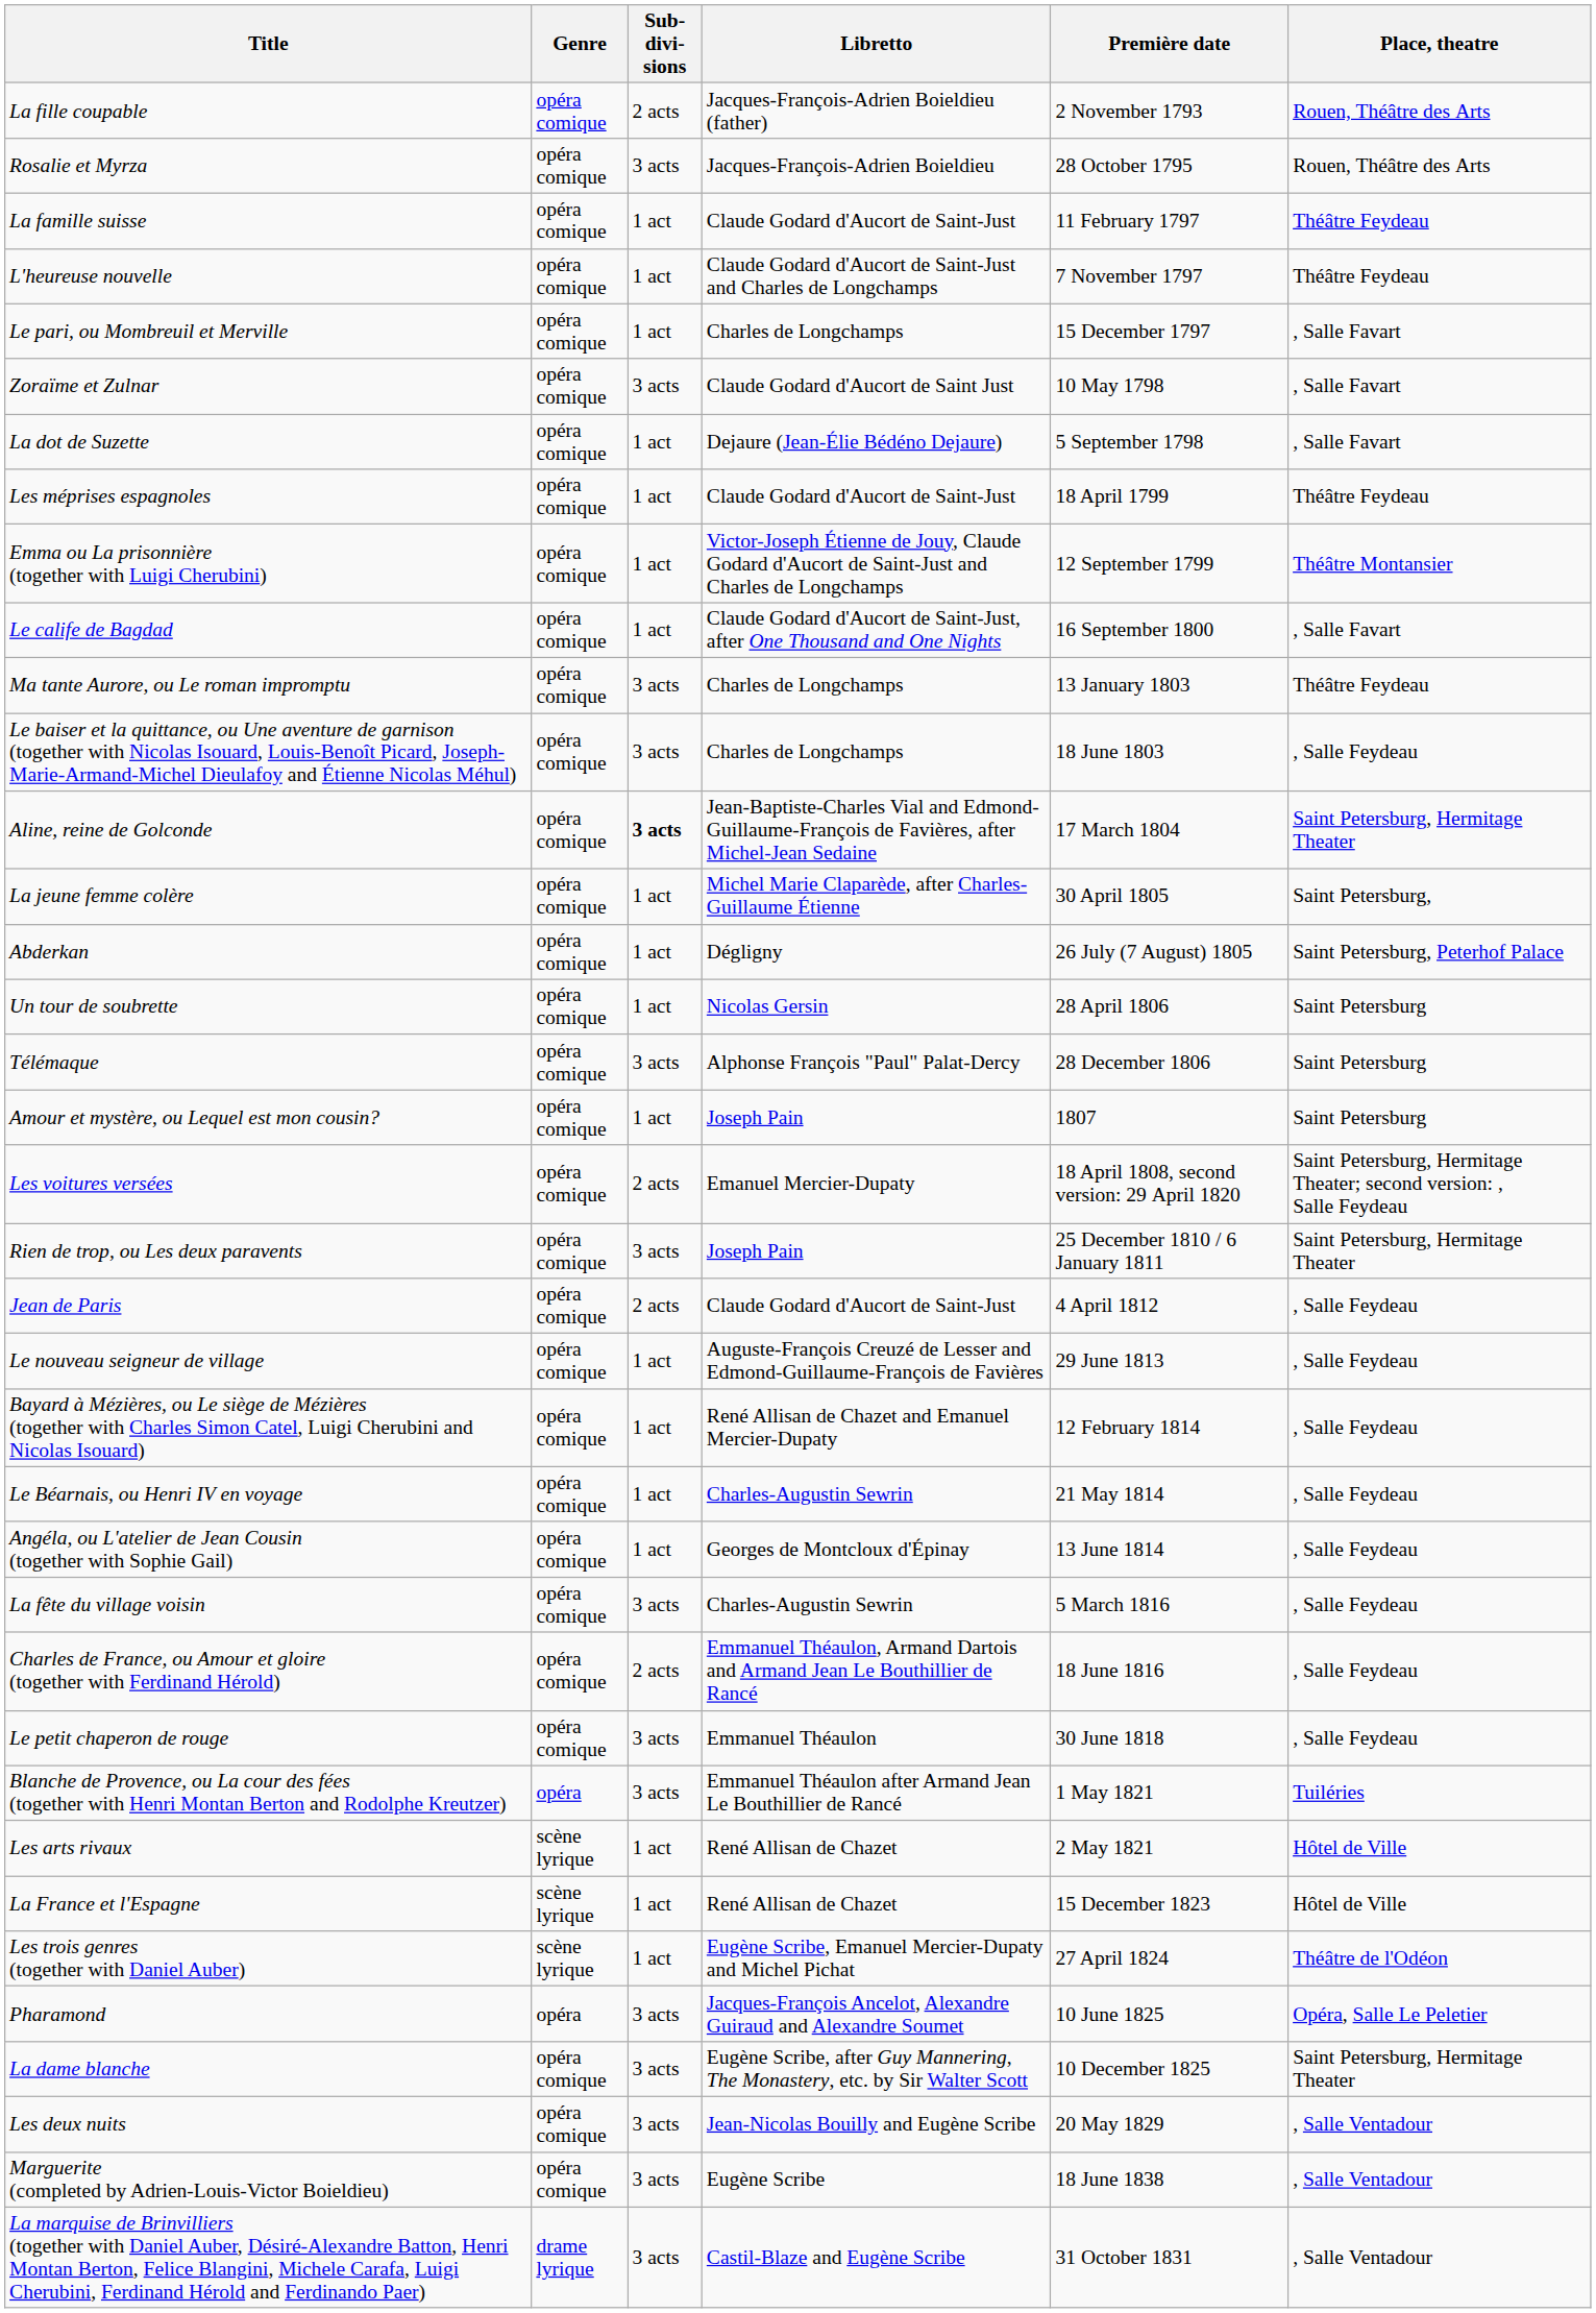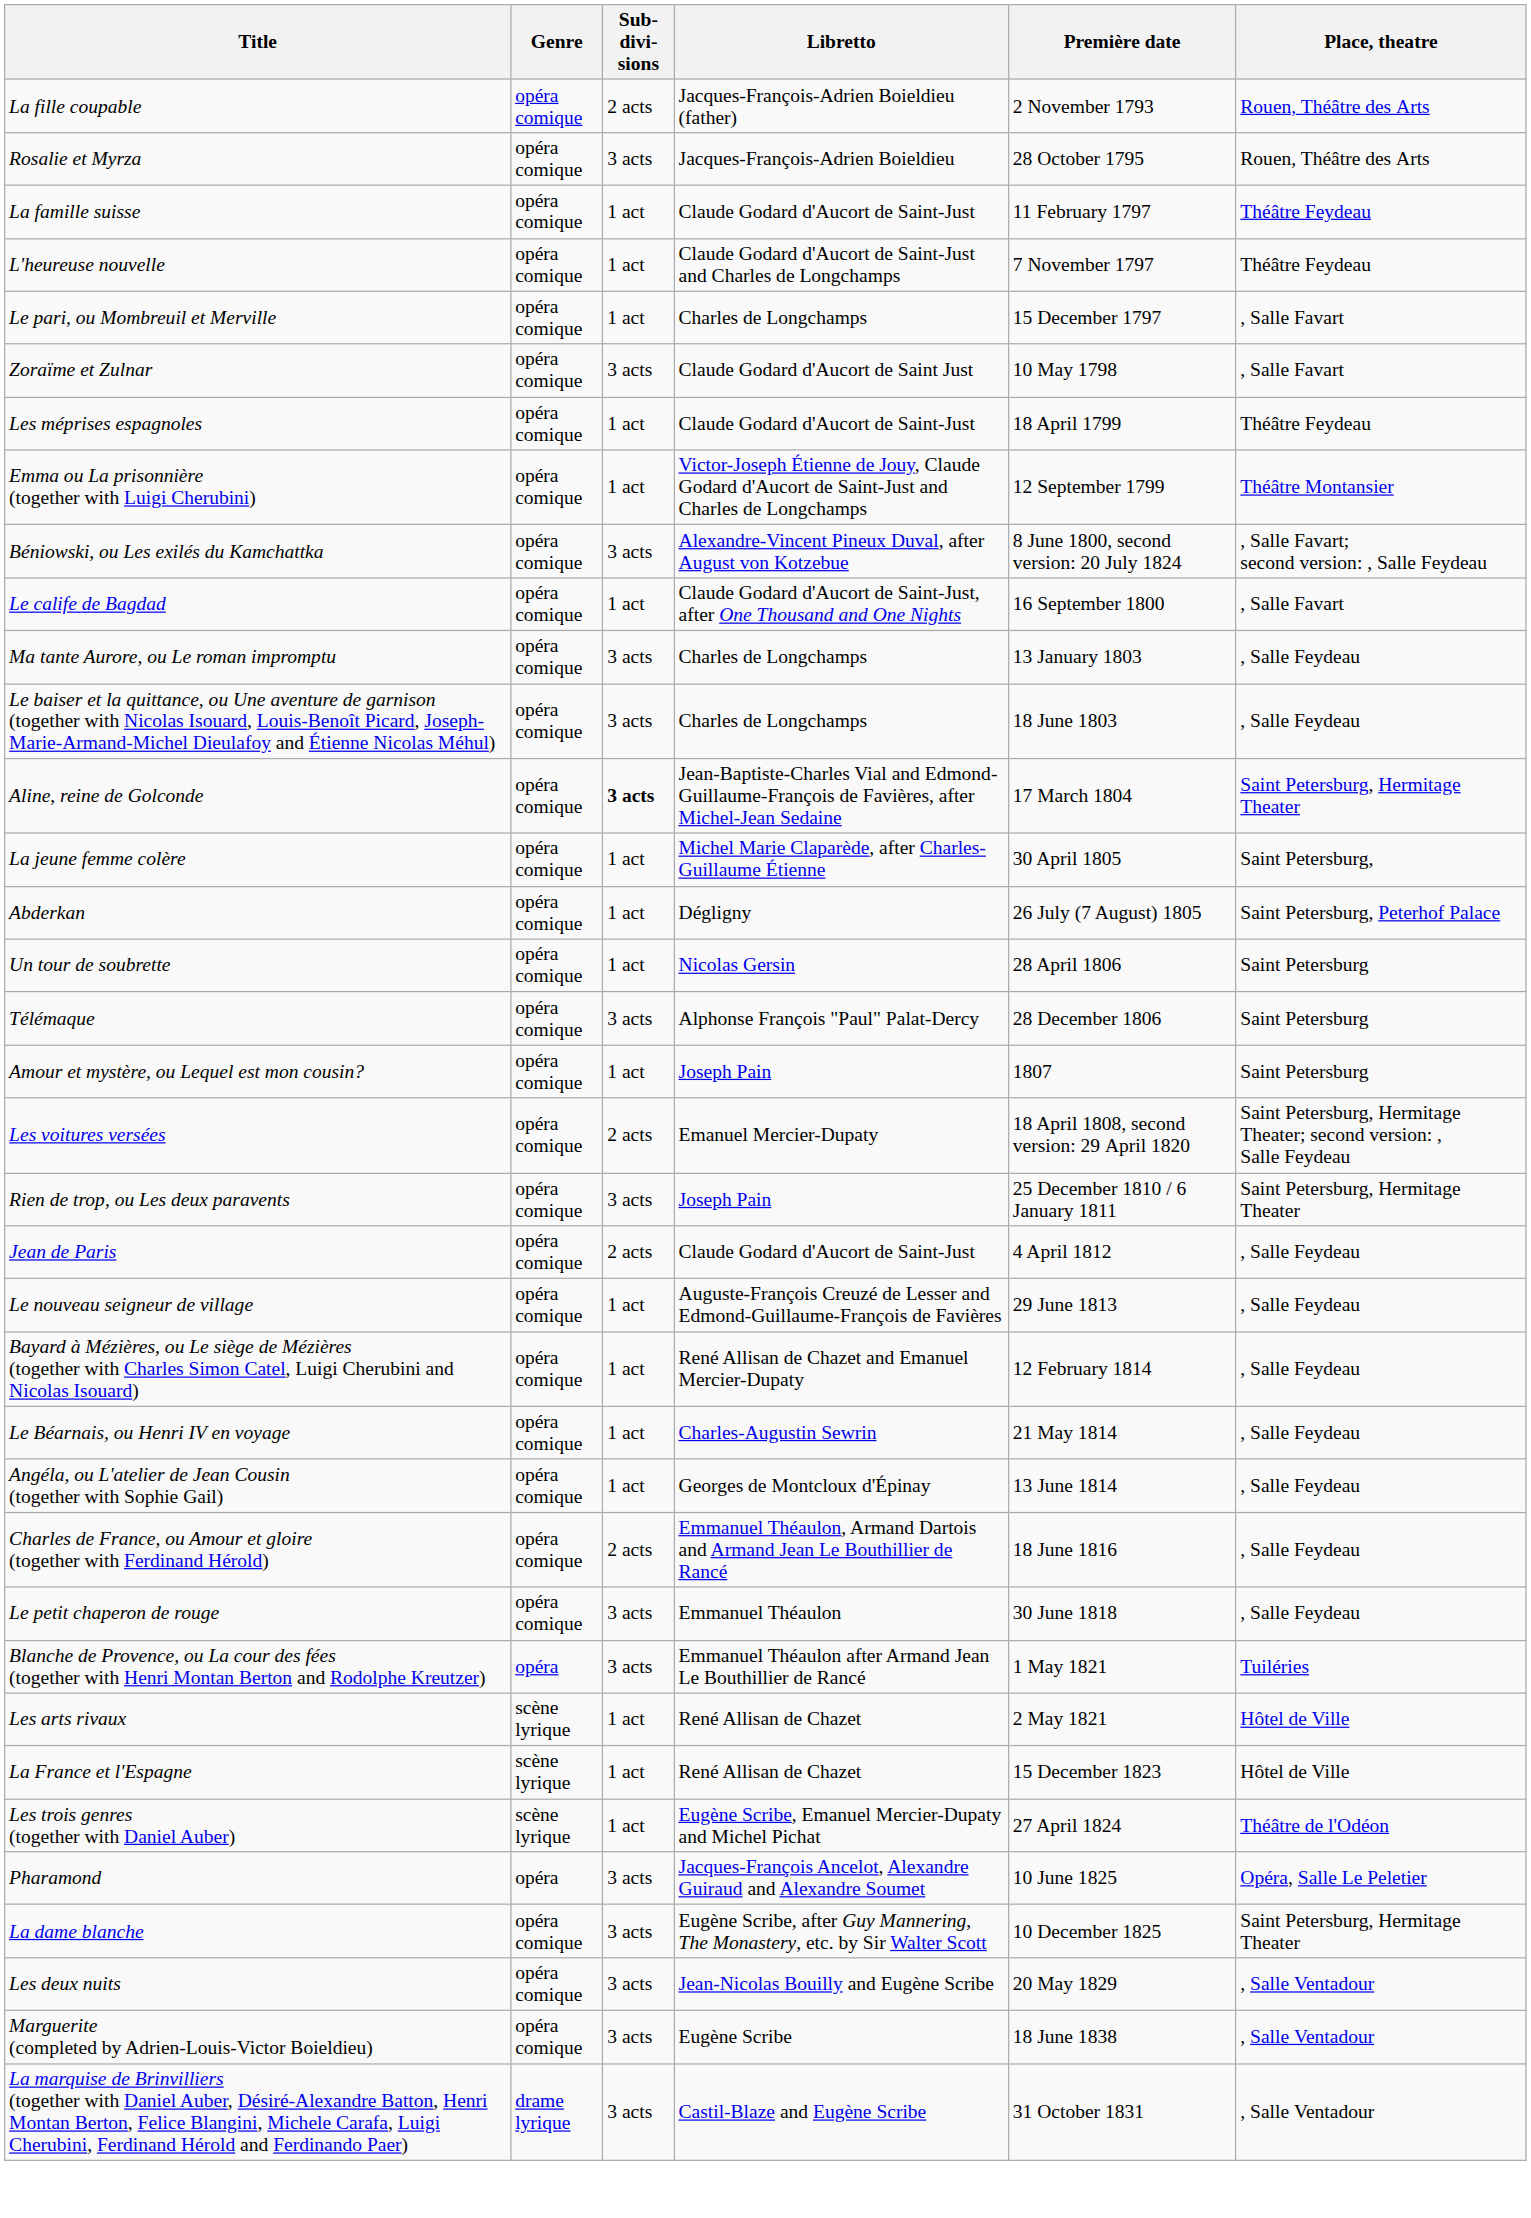 <table class="wikitable sortable">
 <tr>
 <th>Title</th>
 <th>Genre</th>
 <th>Sub­divi­sions</th>
 <th>Libretto</th>
 <th>Première date</th>
 <th>Place, theatre</th>
 </tr>
 <tr>
 <td><em>La fille coupable</em></td>
 <td><a href='#'>opéra comique</a></td>
 <td>2 acts</td>
 <td>Jacques-François-Adrien Boieldieu (father)</td>
 <td>2 November 1793</td>
 <td><a href='#'>Rouen, Théâtre des Arts</a></td>
 </tr>
 <tr>
 <td><em>Rosalie et Myrza</em></td>
 <td>opéra comique</td>
 <td>3 acts</td>
 <td>Jacques-François-Adrien Boieldieu</td>
 <td>28 October 1795</td>
 <td>Rouen, Théâtre des Arts</td>
 </tr>
 <tr>
 <td><em>La famille suisse</em></td>
 <td>opéra comique</td>
 <td>1 act</td>
 <td>Claude Godard d'Aucort de Saint-Just</td>
 <td>11 February 1797</td>
 <td><a href='#'>Théâtre&nbsp;Feydeau</a></td>
 </tr>
 <tr>
 <td><em>L'heureuse nouvelle</em></td>
 <td>opéra comique</td>
 <td>1 act</td>
 <td>Claude Godard d'Aucort de Saint-Just and Charles de Longchamps</td>
 <td>7 November 1797</td>
 <td>Théâtre Feydeau</td>
 </tr>
 <tr>
 <td><em>Le pari, ou Mombreuil et Merville</em></td>
 <td>opéra comique</td>
 <td>1 act</td>
 <td>Charles de Longchamps</td>
 <td>15 December 1797</td>
 <td>, Salle Favart</td>
 </tr>
 <tr>
 <td><em>Zoraïme et Zulnar</em></td>
 <td>opéra comique</td>
 <td>3 acts</td>
 <td>Claude Godard d'Aucort de Saint Just</td>
 <td>10 May 1798</td>
 <td>, Salle Favart</td>
 </tr>
 <tr>
-<td><em>La dot de Suzette</em></td>
-<td>opéra comique</td>
-<td>1 act</td>
-<td>Dejaure (<a href='#'>Jean-Élie Bédéno Dejaure</a>)</td>
-<td>5 September 1798</td>
-<td>, Salle Favart</td>
-</tr>
-<tr>
 <td><em>Les méprises espagnoles</em></td>
 <td>opéra comique</td>
 <td>1 act</td>
 <td>Claude Godard d'Aucort de Saint-Just</td>
 <td>18 April 1799</td>
 <td>Théâtre Feydeau</td>
 </tr>
 <tr>
 <td><em>Emma ou La prisonnière</em><br>(together with <a href='#'>Luigi Cherubini</a>)</td>
 <td>opéra comique</td>
 <td>1 act</td>
 <td><a href='#'>Victor-Joseph Étienne de Jouy</a>, Claude Godard d'Aucort de Saint-Just and Charles de Longchamps</td>
 <td>12 September 1799</td>
 <td><a href='#'>Théâtre Montansier</a></td>
 </tr>
 <tr>
+<td><em>Béniowski, ou Les exilés du Kamchattka</em></td>
+<td>opéra comique</td>
+<td>3 acts</td>
+<td><a href='#'>Alexandre-Vincent Pineux Duval</a>, after <a href='#'>August von Kotzebue</a></td>
+<td>8 June 1800, second version: 20 July 1824</td>
+<td>, Salle Favart;<br>second version: , Salle Feydeau</td>
+</tr>
+<tr>
 <td><em><a href='#'>Le calife de Bagdad</a></em></td>
 <td>opéra comique</td>
 <td>1 act</td>
 <td>Claude Godard d'Aucort de Saint-Just, after <em><a href='#'>One Thousand and One Nights</a></em></td>
 <td>16 September 1800</td>
 <td>, Salle Favart</td>
 </tr>
 <tr>
 <td><em>Ma tante Aurore, ou Le roman impromptu</em></td>
 <td>opéra comique</td>
 <td>3 acts</td>
 <td>Charles de Longchamps</td>
 <td>13 January 1803</td>
-<td>Théâtre Feydeau</td>
+<td>, Salle Feydeau</td>
 </tr>
 <tr>
 <td><em>Le baiser et la quittance, ou Une aventure de garnison</em><br>(together with <a href='#'>Nicolas Isouard</a>, <a href='#'>Louis-Benoît Picard</a>, <a href='#'>Joseph-Marie-Armand-Michel Dieulafoy</a> and <a href='#'>Étienne Nicolas Méhul</a>)</td>
 <td>opéra comique</td>
 <td>3 acts</td>
 <td>Charles de Longchamps</td>
 <td>18 June 1803</td>
 <td>, Salle Feydeau</td>
 </tr>
 <tr>
 <td><em>Aline, reine de Golconde</em></td>
 <td>opéra comique</td>
 <td><strong>3 acts</strong></td>
 <td>Jean-Baptiste-Charles Vial and Edmond-Guillaume-François de Favières, after <a href='#'>Michel-Jean Sedaine</a></td>
 <td>17 March 1804</td>
 <td><a href='#'>Saint Petersburg</a>, <a href='#'>Hermitage Theater</a></td>
 </tr>
 <tr>
 <td><em>La jeune femme colère</em></td>
 <td>opéra comique</td>
 <td>1 act</td>
 <td><a href='#'>Michel Marie Claparède</a>, after <a href='#'>Charles-Guillaume Étienne</a></td>
 <td>30 April 1805</td>
 <td>Saint Petersburg,</td>
 </tr>
 <tr>
 <td><em>Abderkan</em></td>
 <td>opéra comique</td>
 <td>1 act</td>
 <td>Dégligny</td>
 <td>26 July (7 August) 1805</td>
 <td>Saint Petersburg, <a href='#'>Peterhof Palace</a></td>
 </tr>
 <tr>
 <td><em>Un tour de soubrette</em></td>
 <td>opéra comique</td>
 <td>1 act</td>
 <td><a href='#'>Nicolas Gersin</a></td>
 <td>28 April 1806</td>
 <td>Saint Petersburg</td>
 </tr>
 <tr>
 <td><em>Télémaque</em></td>
 <td>opéra comique</td>
 <td>3 acts</td>
 <td>Alphonse François "Paul" Palat-Dercy</td>
 <td>28 December 1806</td>
 <td>Saint Petersburg</td>
 </tr>
 <tr>
 <td><em>Amour et mystère, ou Lequel est mon cousin?</em></td>
 <td>opéra comique</td>
 <td>1 act</td>
 <td><a href='#'>Joseph Pain</a></td>
 <td>1807</td>
 <td>Saint Petersburg</td>
 </tr>
 <tr>
 <td><em><a href='#'>Les voitures versées</a></em></td>
 <td>opéra comique</td>
 <td>2 acts</td>
 <td>Emanuel Mercier-Dupaty</td>
 <td>18 April 1808, second version: 29 April 1820</td>
 <td>Saint Petersburg, Hermitage Theater; second version: , Salle Feydeau</td>
 </tr>
 <tr>
 <td><em>Rien de trop, ou Les deux paravents</em></td>
 <td>opéra comique</td>
 <td>3 acts</td>
 <td><a href='#'>Joseph Pain</a></td>
 <td>25 December 1810 / 6 January 1811</td>
 <td>Saint Petersburg, Hermitage Theater</td>
 </tr>
 <tr>
 <td><em><a href='#'>Jean de Paris</a></em></td>
 <td>opéra comique</td>
 <td>2 acts</td>
 <td>Claude Godard d'Aucort de Saint-Just</td>
 <td>4 April 1812</td>
 <td>, Salle Feydeau</td>
 </tr>
 <tr>
 <td><em>Le nouveau seigneur de village</em></td>
 <td>opéra comique</td>
 <td>1 act</td>
 <td>Auguste-François Creuzé de Lesser and Edmond-Guillaume-François de Favières</td>
 <td>29 June 1813</td>
 <td>, Salle Feydeau</td>
 </tr>
 <tr>
 <td><em>Bayard à Mézières, ou Le siège de Mézières</em><br>(together with <a href='#'>Charles Simon Catel</a>, Luigi Cherubini and <a href='#'>Nicolas Isouard</a>)</td>
 <td>opéra comique</td>
 <td>1 act</td>
 <td>René Allisan de Chazet and Emanuel Mercier-Dupaty</td>
 <td>12 February 1814</td>
 <td>, Salle Feydeau</td>
 </tr>
 <tr>
 <td><em>Le Béarnais, ou Henri IV en voyage</em></td>
 <td>opéra comique</td>
 <td>1 act</td>
 <td><a href='#'>Charles-Augustin Sewrin</a></td>
 <td>21 May 1814</td>
 <td>, Salle Feydeau</td>
 </tr>
 <tr>
 <td><em>Angéla, ou L'atelier de Jean Cousin</em><br>(together with Sophie Gail)</td>
 <td>opéra comique</td>
 <td>1 act</td>
 <td>Georges de Montcloux d'Épinay</td>
 <td>13 June 1814</td>
 <td>, Salle Feydeau</td>
 </tr>
 <tr>
-<td><em>La fête du village voisin</em></td>
-<td>opéra comique</td>
-<td>3 acts</td>
-<td>Charles-Augustin Sewrin</td>
-<td>5 March 1816</td>
-<td>, Salle Feydeau</td>
-</tr>
-<tr>
 <td><em>Charles de France, ou Amour et gloire</em><br>(together with <a href='#'>Ferdinand Hérold</a>)</td>
 <td>opéra comique</td>
 <td>2 acts</td>
 <td><a href='#'>Emmanuel Théaulon</a>, Armand Dartois and <a href='#'>Armand Jean Le Bouthillier de Rancé</a></td>
 <td>18 June 1816</td>
 <td>, Salle Feydeau</td>
 </tr>
 <tr>
 <td><em>Le petit chaperon de rouge</em></td>
 <td>opéra comique</td>
 <td>3 acts</td>
 <td>Emmanuel Théaulon</td>
 <td>30 June 1818</td>
 <td>, Salle Feydeau</td>
 </tr>
 <tr>
 <td><em>Blanche de Provence, ou La cour des fées</em><br>(together with <a href='#'>Henri Montan Berton</a> and <a href='#'>Rodolphe Kreutzer</a>)</td>
 <td><a href='#'>opéra</a></td>
 <td>3 acts</td>
 <td>Emmanuel Théaulon after Armand Jean Le Bouthillier de Rancé</td>
 <td>1 May 1821</td>
 <td><a href='#'>Tuiléries</a></td>
 </tr>
 <tr>
 <td><em>Les arts rivaux</em></td>
 <td>scène lyrique</td>
 <td>1 act</td>
 <td>René Allisan de Chazet</td>
 <td>2 May 1821</td>
 <td><a href='#'>Hôtel de Ville</a></td>
 </tr>
 <tr>
 <td><em>La France et l'Espagne</em></td>
 <td>scène lyrique</td>
 <td>1 act</td>
 <td>René Allisan de Chazet</td>
 <td>15 December 1823</td>
 <td>Hôtel de Ville</td>
 </tr>
 <tr>
 <td><em>Les trois genres</em><br>(together with <a href='#'>Daniel Auber</a>)</td>
 <td>scène lyrique</td>
 <td>1 act</td>
 <td><a href='#'>Eugène Scribe</a>, Emanuel Mercier-Dupaty and Michel Pichat</td>
 <td>27 April 1824</td>
 <td><a href='#'>Théâtre de l'Odéon</a></td>
 </tr>
 <tr>
 <td><em>Pharamond</em></td>
 <td>opéra</td>
 <td>3 acts</td>
 <td><a href='#'>Jacques-François Ancelot</a>, <a href='#'>Alexandre Guiraud</a> and <a href='#'>Alexandre Soumet</a></td>
 <td>10 June 1825</td>
 <td><a href='#'>Opéra</a>, <a href='#'>Salle&nbsp;Le&nbsp;Peletier</a></td>
 </tr>
 <tr>
 <td><em><a href='#'>La dame blanche</a></em></td>
 <td>opéra comique</td>
 <td>3 acts</td>
 <td>Eugène Scribe, after <em>Guy Mannering</em>, <em>The Monastery</em>, etc. by Sir <a href='#'>Walter Scott</a></td>
 <td>10 December 1825</td>
 <td>Saint Petersburg, Hermitage Theater</td>
 </tr>
 <tr>
 <td><em>Les deux nuits</em></td>
 <td>opéra comique</td>
 <td>3 acts</td>
 <td><a href='#'>Jean-Nicolas Bouilly</a> and Eugène Scribe</td>
 <td>20 May 1829</td>
 <td>, <a href='#'>Salle&nbsp;Ventadour</a></td>
 </tr>
 <tr>
 <td><em>Marguerite</em><br>(completed by Adrien-Louis-Victor Boieldieu)</td>
 <td>opéra comique</td>
 <td>3 acts</td>
 <td>Eugène Scribe</td>
 <td>18 June 1838</td>
 <td>, <a href='#'>Salle&nbsp;Ventadour</a></td>
 </tr>
 <tr>
 <td><em><a href='#'>La marquise de Brinvilliers</a></em><br>(together with <a href='#'>Daniel Auber</a>, <a href='#'>Désiré-Alexandre Batton</a>, <a href='#'>Henri Montan Berton</a>, <a href='#'>Felice Blangini</a>, <a href='#'>Michele Carafa</a>, <a href='#'>Luigi Cherubini</a>, <a href='#'>Ferdinand Hérold</a> and <a href='#'>Ferdinando Paer</a>)</td>
 <td><a href='#'>drame lyrique</a></td>
 <td>3 acts</td>
 <td><a href='#'>Castil-Blaze</a> and <a href='#'>Eugène Scribe</a></td>
 <td>31 October 1831</td>
 <td>, Salle Ventadour</td>
 </tr>
 </table>
